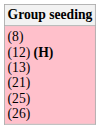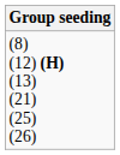 <table class="wikitable collapsible collapsed">
 <tr>
 <th colspan=2>Group seeding</th>
 </tr>
 <tr>
-<td valign=top style="background: pink;"> (8)<br> (12) <strong>(H)</strong><br> (13)<br> (21)<br> (25)<br> (26)</td>
+<td valign=top> (8)<br> (12) <strong>(H)</strong><br> (13)<br> (21)<br> (25)<br> (26)</td>
 </tr>
 </table>
